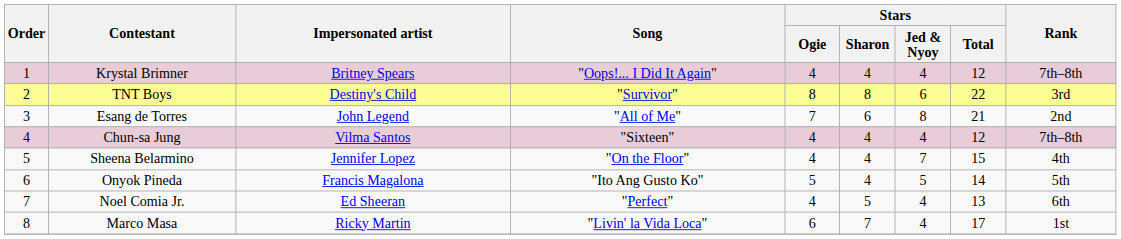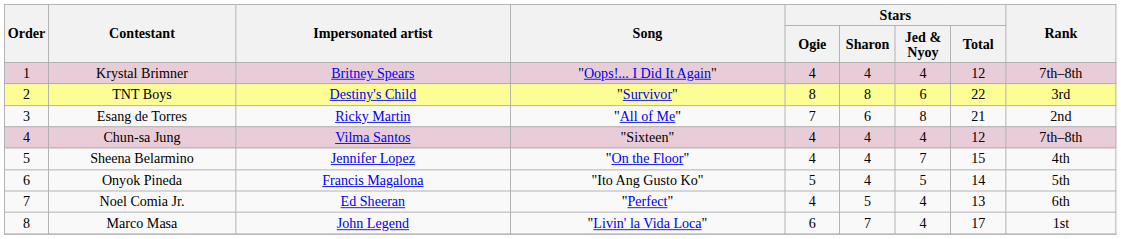 <table class="wikitable" style="text-align:center; line-height:17px; width:100%;">
 <tr>
 <th rowspan="2" style="width:03%;">Order</th>
 <th rowspan="2" style="width:17%;">Contestant</th>
 <th rowspan="2" style="width:25%;">Impersonated artist</th>
 <th rowspan="2" style="width:25%;">Song</th>
 <th colspan="4" style="width:20%;">Stars</th>
 <th rowspan="2" style="width:10%;">Rank</th>
 </tr>
 <tr>
 <th style="width:05%;">Ogie</th>
 <th style="width:05%;">Sharon</th>
 <th style="width:05%;">Jed & Nyoy</th>
 <th style="width:05%;">Total</th>
 </tr>
 <tr bgcolor=#E8CCD7>
 <td>1</td>
 <td>Krystal Brimner</td>
 <td><a href='#'>Britney Spears</a></td>
 <td>"<a href='#'>Oops!... I Did It Again</a>"</td>
 <td>4</td>
 <td>4</td>
 <td>4</td>
 <td>12</td>
 <td>7th–8th</td>
 </tr>
 <tr bgcolor=#FDFD96>
 <td>2</td>
 <td>TNT Boys</td>
 <td><a href='#'>Destiny's Child</a></td>
 <td>"<a href='#'>Survivor</a>"</td>
 <td>8</td>
 <td>8</td>
 <td>6</td>
 <td>22</td>
 <td>3rd</td>
 </tr>
 <tr>
 <td>3</td>
 <td>Esang de Torres</td>
-<td><a href='#'>John Legend</a></td>
+<td><a href='#'>Ricky Martin</a></td>
 <td>"<a href='#'>All of Me</a>"</td>
 <td>7</td>
 <td>6</td>
 <td>8</td>
 <td>21</td>
 <td>2nd</td>
 </tr>
 <tr bgcolor=#E8CCD7>
 <td>4</td>
 <td>Chun-sa Jung</td>
 <td><a href='#'>Vilma Santos</a></td>
 <td>"Sixteen"</td>
 <td>4</td>
 <td>4</td>
 <td>4</td>
 <td>12</td>
 <td>7th–8th</td>
 </tr>
 <tr>
 <td>5</td>
 <td>Sheena Belarmino</td>
 <td><a href='#'>Jennifer Lopez</a></td>
 <td>"<a href='#'>On the Floor</a>"</td>
 <td>4</td>
 <td>4</td>
 <td>7</td>
 <td>15</td>
 <td>4th</td>
 </tr>
 <tr>
 <td>6</td>
 <td>Onyok Pineda</td>
 <td><a href='#'>Francis Magalona</a></td>
 <td>"Ito Ang Gusto Ko"</td>
 <td>5</td>
 <td>4</td>
 <td>5</td>
 <td>14</td>
 <td>5th</td>
 </tr>
 <tr>
 <td>7</td>
 <td>Noel Comia Jr.</td>
 <td><a href='#'>Ed Sheeran</a></td>
 <td>"<a href='#'>Perfect</a>"</td>
 <td>4</td>
 <td>5</td>
 <td>4</td>
 <td>13</td>
 <td>6th</td>
 </tr>
 <tr>
 <td>8</td>
 <td>Marco Masa</td>
-<td><a href='#'>Ricky Martin</a></td>
+<td><a href='#'>John Legend</a></td>
 <td>"<a href='#'>Livin' la Vida Loca</a>"</td>
 <td>6</td>
 <td>7</td>
 <td>4</td>
 <td>17</td>
 <td>1st</td>
 </tr>
 <tr>
 </tr>
 </table>
